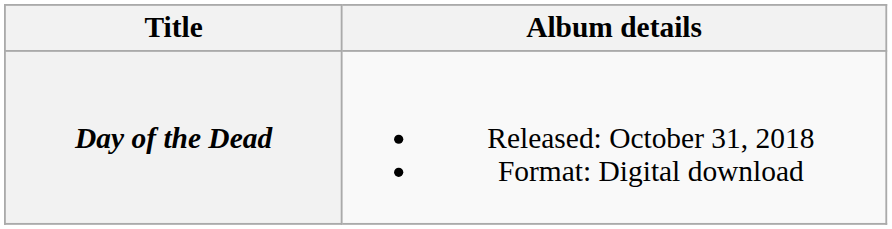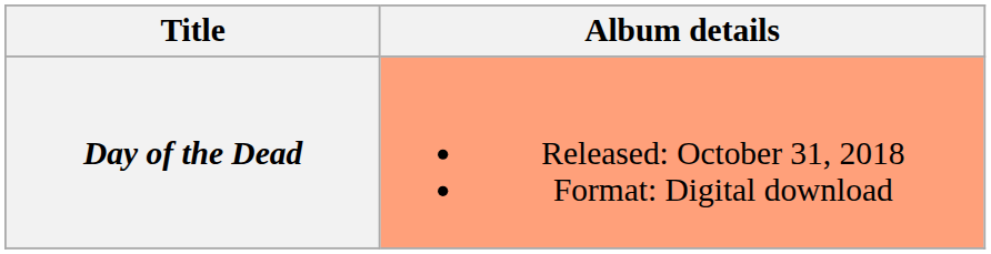 <table class="wikitable plainrowheaders" style="text-align:center;">
 <tr>
 <th scope="col" style="width:11em;">Title</th>
 <th scope="col" style="width:18em;">Album details</th>
 </tr>
 <tr>
 <th scope="row"><em>Day of the Dead</em></th>
-<td><br><ul><li>Released: October 31, 2018</li><li>Format: Digital download</li></ul></td>
+<td style="background: lightsalmon;"><br><ul><li>Released: October 31, 2018</li><li>Format: Digital download</li></ul></td>
 </tr>
 </table>
